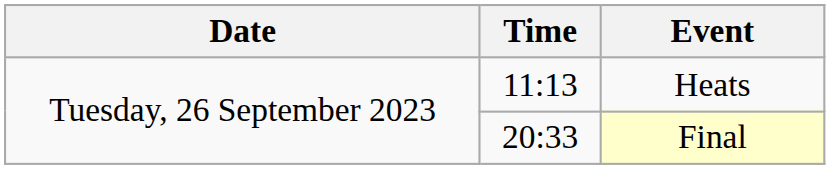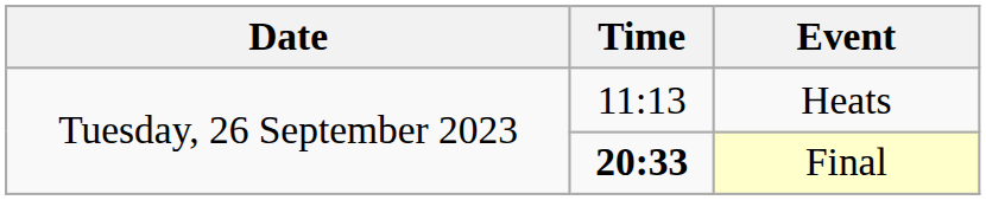 <table class = "wikitable" style="text-align:center;">
 <tr>
 <th width=220>Date</th>
 <th width=50>Time</th>
 <th width=100>Event</th>
 </tr>
 <tr>
 <td rowspan=2>Tuesday, 26 September 2023</td>
 <td>11:13</td>
 <td>Heats</td>
 </tr>
 <tr>
-<td>20:33</td>
+<td><strong>20:33</strong></td>
 <td bgcolor=ffffcc>Final</td>
 </tr>
 </table>
